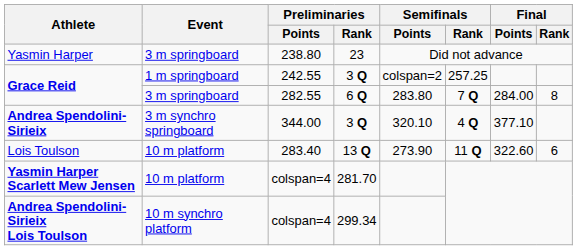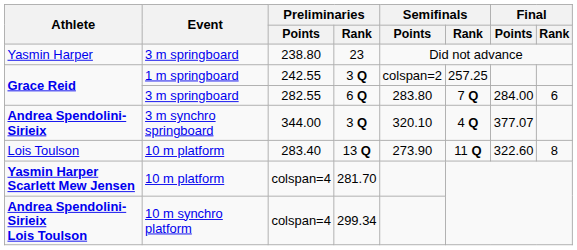 <table class="wikitable" style="text-align:center; font-size:90%; width:50%;">
 <tr>
 <th rowspan=2>Athlete</th>
 <th rowspan=2>Event</th>
 <th colspan=2>Preliminaries</th>
 <th colspan=2>Semifinals</th>
 <th colspan=2>Final</th>
 </tr>
 <tr style="font-size:95%">
 <th>Points</th>
 <th>Rank</th>
 <th>Points</th>
 <th>Rank</th>
 <th>Points</th>
 <th>Rank</th>
 </tr>
 <tr>
 <td align=left><a href='#'>Yasmin Harper</a></td>
 <td align=left><a href='#'>3 m springboard</a></td>
 <td>238.80</td>
 <td>23</td>
 <td colspan=4>Did not advance</td>
 </tr>
 <tr>
 <td align=left rowspan=2><strong><a href='#'>Grace Reid</a></strong></td>
 <td align=left><a href='#'>1 m springboard</a></td>
 <td>242.55</td>
 <td>3 <strong>Q</strong></td>
 <td>colspan=2 </td>
 <td>257.25</td>
 <td></td>
 </tr>
 <tr>
 <td align=left><a href='#'>3 m springboard</a></td>
 <td>282.55</td>
 <td>6 <strong>Q</strong></td>
 <td>283.80</td>
 <td>7 <strong>Q</strong></td>
 <td>284.00</td>
-<td>8</td>
+<td>6</td>
 </tr>
 <tr>
 <td align=left><strong><a href='#'>Andrea Spendolini-Sirieix</a></strong></td>
 <td align=left><a href='#'>3 m synchro springboard</a></td>
 <td>344.00</td>
 <td>3 <strong>Q</strong></td>
 <td>320.10</td>
 <td>4 <strong>Q</strong></td>
-<td>377.10</td>
+<td>377.07</td>
 <td></td>
 </tr>
 <tr>
 <td align=left><a href='#'>Lois Toulson</a></td>
 <td align=left><a href='#'>10 m platform</a></td>
 <td>283.40</td>
 <td>13 <strong>Q</strong></td>
 <td>273.90</td>
 <td>11 <strong>Q</strong></td>
 <td>322.60</td>
-<td>6</td>
+<td>8</td>
 </tr>
 <tr>
 <td align=left><strong><a href='#'>Yasmin Harper</a><br> <a href='#'>Scarlett Mew Jensen</a></strong></td>
 <td align=left><a href='#'>10 m platform</a></td>
 <td>colspan=4 </td>
 <td>281.70</td>
 <td></td>
 </tr>
 <tr>
 <td align=left><strong><a href='#'>Andrea Spendolini-Sirieix</a><br> <a href='#'>Lois Toulson</a></strong></td>
 <td align=left><a href='#'>10 m synchro platform</a></td>
 <td>colspan=4 </td>
 <td>299.34</td>
 <td></td>
 </tr>
 </table>
